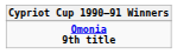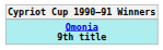 <table class="wikitable" style="text-align:center;margin: 0 auto;">
 <tr>
 <th>Cypriot Cup 1990–91 Winners</th>
 </tr>
 <tr>
 </tr>
 <tr>
-<td><strong><a href='#'>Omonia</a></strong><br><strong>9th title</strong></td>
+<td style="background: paleturquoise;"><strong><a href='#'>Omonia</a></strong><br><strong>9th title</strong></td>
 </tr>
 </table>
